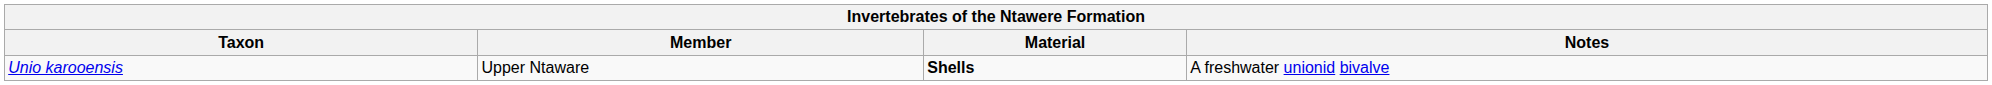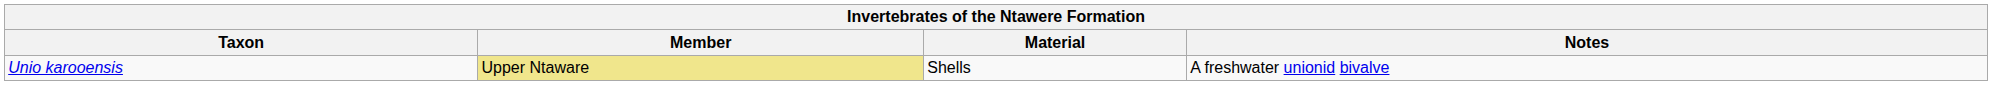 <table class="wikitable" align="center" width="100%">
 <tr>
 <th colspan="7" align="center"><strong>Invertebrates of the Ntawere Formation</strong></th>
 </tr>
 <tr>
 <th>Taxon</th>
 <th>Member</th>
 <th>Material</th>
 <th>Notes</th>
 </tr>
 <tr>
 <td><em><a href='#'>Unio karooensis</a></em></td>
-<td>Upper Ntaware</td>
-<td><strong>Shells</strong></td>
+<td style="background: khaki;">Upper Ntaware</td>
+<td>Shells</td>
 <td>A freshwater <a href='#'>unionid</a> <a href='#'>bivalve</a></td>
 </tr>
 <tr>
 </tr>
 </table>
